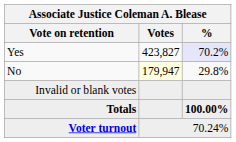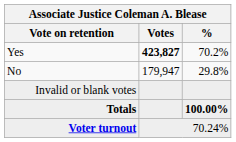 <table class="wikitable" style="font-size: 95%;">
 <tr style="background-color:#E9E9E9">
 <th colspan=7>Associate Justice Coleman A. Blease</th>
 </tr>
 <tr style="background-color:#E9E9E9">
 <th style="width: 170px">Vote on retention</th>
 <th style="width: 50px">Votes</th>
 <th style="width: 40px">%</th>
 </tr>
 <tr>
 <td>Yes</td>
-<td align="right">423,827</td>
-<td align="right" style="background: lavender;">70.2%</td>
+<td align="right"><strong>423,827</strong></td>
+<td align="right">70.2%</td>
 </tr>
 <tr>
 <td>No</td>
-<td align="right" style="background: lightyellow;">179,947</td>
+<td align="right">179,947</td>
 <td align="right">29.8%</td>
 </tr>
 <tr bgcolor="#EEEEEE">
 <td align="right">Invalid or blank votes</td>
 <td align="right"></td>
 <td align="right"></td>
 </tr>
 <tr bgcolor="#EEEEEE">
 <td align="right"><strong>Totals</strong></td>
 <td align="right"><strong></strong></td>
 <td align="right"><strong>100.00%</strong></td>
 </tr>
 <tr bgcolor="#EEEEEE">
 <td align="right"><strong><a href='#'>Voter turnout</a></strong></td>
 <td colspan="2" align="right">70.24%</td>
 </tr>
 </table>
